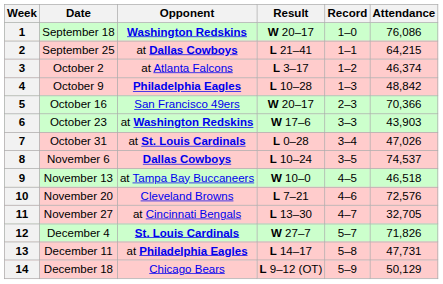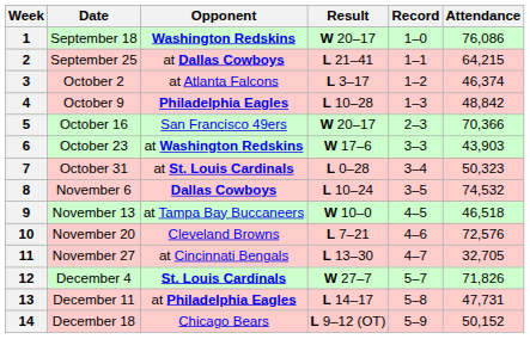 <table class="wikitable" style="text-align:center">
 <tr>
 <th>Week</th>
 <th>Date</th>
 <th>Opponent</th>
 <th>Result</th>
 <th>Record</th>
 <th>Attendance</th>
 </tr>
 <tr style="background:#cfc">
 <th>1</th>
 <td>September 18</td>
 <td><strong><a href='#'>Washington Redskins</a></strong></td>
 <td><strong>W</strong> 20–17</td>
 <td>1–0</td>
 <td>76,086</td>
 </tr>
 <tr style="background:#fcc">
 <th>2</th>
 <td>September 25</td>
 <td>at <strong><a href='#'>Dallas Cowboys</a></strong></td>
 <td><strong>L</strong> 21–41</td>
 <td>1–1</td>
 <td>64,215</td>
 </tr>
 <tr style="background:#fcc">
 <th>3</th>
 <td>October 2</td>
 <td>at <a href='#'>Atlanta Falcons</a></td>
 <td><strong>L</strong> 3–17</td>
 <td>1–2</td>
 <td>46,374</td>
 </tr>
 <tr style="background:#fcc">
 <th>4</th>
 <td>October 9</td>
 <td><strong><a href='#'>Philadelphia Eagles</a></strong></td>
 <td><strong>L</strong> 10–28</td>
 <td>1–3</td>
 <td>48,842</td>
 </tr>
 <tr style="background:#cfc">
 <th>5</th>
 <td>October 16</td>
 <td><a href='#'>San Francisco 49ers</a></td>
 <td><strong>W</strong> 20–17</td>
 <td>2–3</td>
 <td>70,366</td>
 </tr>
 <tr style="background:#cfc">
 <th>6</th>
 <td>October 23</td>
 <td>at <strong><a href='#'>Washington Redskins</a></strong></td>
 <td><strong>W</strong> 17–6</td>
 <td>3–3</td>
 <td>43,903</td>
 </tr>
 <tr style="background:#fcc">
 <th>7</th>
 <td>October 31</td>
 <td>at <strong><a href='#'>St. Louis Cardinals</a></strong></td>
 <td><strong>L</strong> 0–28</td>
 <td>3–4</td>
-<td>47,026</td>
+<td>50,323</td>
 </tr>
 <tr style="background:#fcc">
 <th>8</th>
 <td>November 6</td>
 <td><strong><a href='#'>Dallas Cowboys</a></strong></td>
 <td><strong>L</strong> 10–24</td>
 <td>3–5</td>
-<td>74,537</td>
+<td>74,532</td>
 </tr>
 <tr style="background:#cfc">
 <th>9</th>
 <td>November 13</td>
 <td>at <a href='#'>Tampa Bay Buccaneers</a></td>
 <td><strong>W</strong> 10–0</td>
 <td>4–5</td>
 <td>46,518</td>
 </tr>
 <tr style="background:#fcc">
 <th>10</th>
 <td>November 20</td>
 <td><a href='#'>Cleveland Browns</a></td>
 <td><strong>L</strong> 7–21</td>
 <td>4–6</td>
 <td>72,576</td>
 </tr>
 <tr style="background:#fcc">
 <th>11</th>
 <td>November 27</td>
 <td>at <a href='#'>Cincinnati Bengals</a></td>
 <td><strong>L</strong> 13–30</td>
 <td>4–7</td>
 <td>32,705</td>
 </tr>
 <tr style="background:#cfc">
 <th>12</th>
 <td>December 4</td>
 <td><strong><a href='#'>St. Louis Cardinals</a></strong></td>
 <td><strong>W</strong> 27–7</td>
 <td>5–7</td>
 <td>71,826</td>
 </tr>
 <tr style="background:#fcc">
 <th>13</th>
 <td>December 11</td>
 <td>at <strong><a href='#'>Philadelphia Eagles</a></strong></td>
 <td><strong>L</strong> 14–17</td>
 <td>5–8</td>
 <td>47,731</td>
 </tr>
 <tr style="background:#fcc">
 <th>14</th>
 <td>December 18</td>
 <td><a href='#'>Chicago Bears</a></td>
 <td><strong>L</strong> 9–12 (OT)</td>
 <td>5–9</td>
-<td>50,129</td>
+<td>50,152</td>
 </tr>
 </table>
